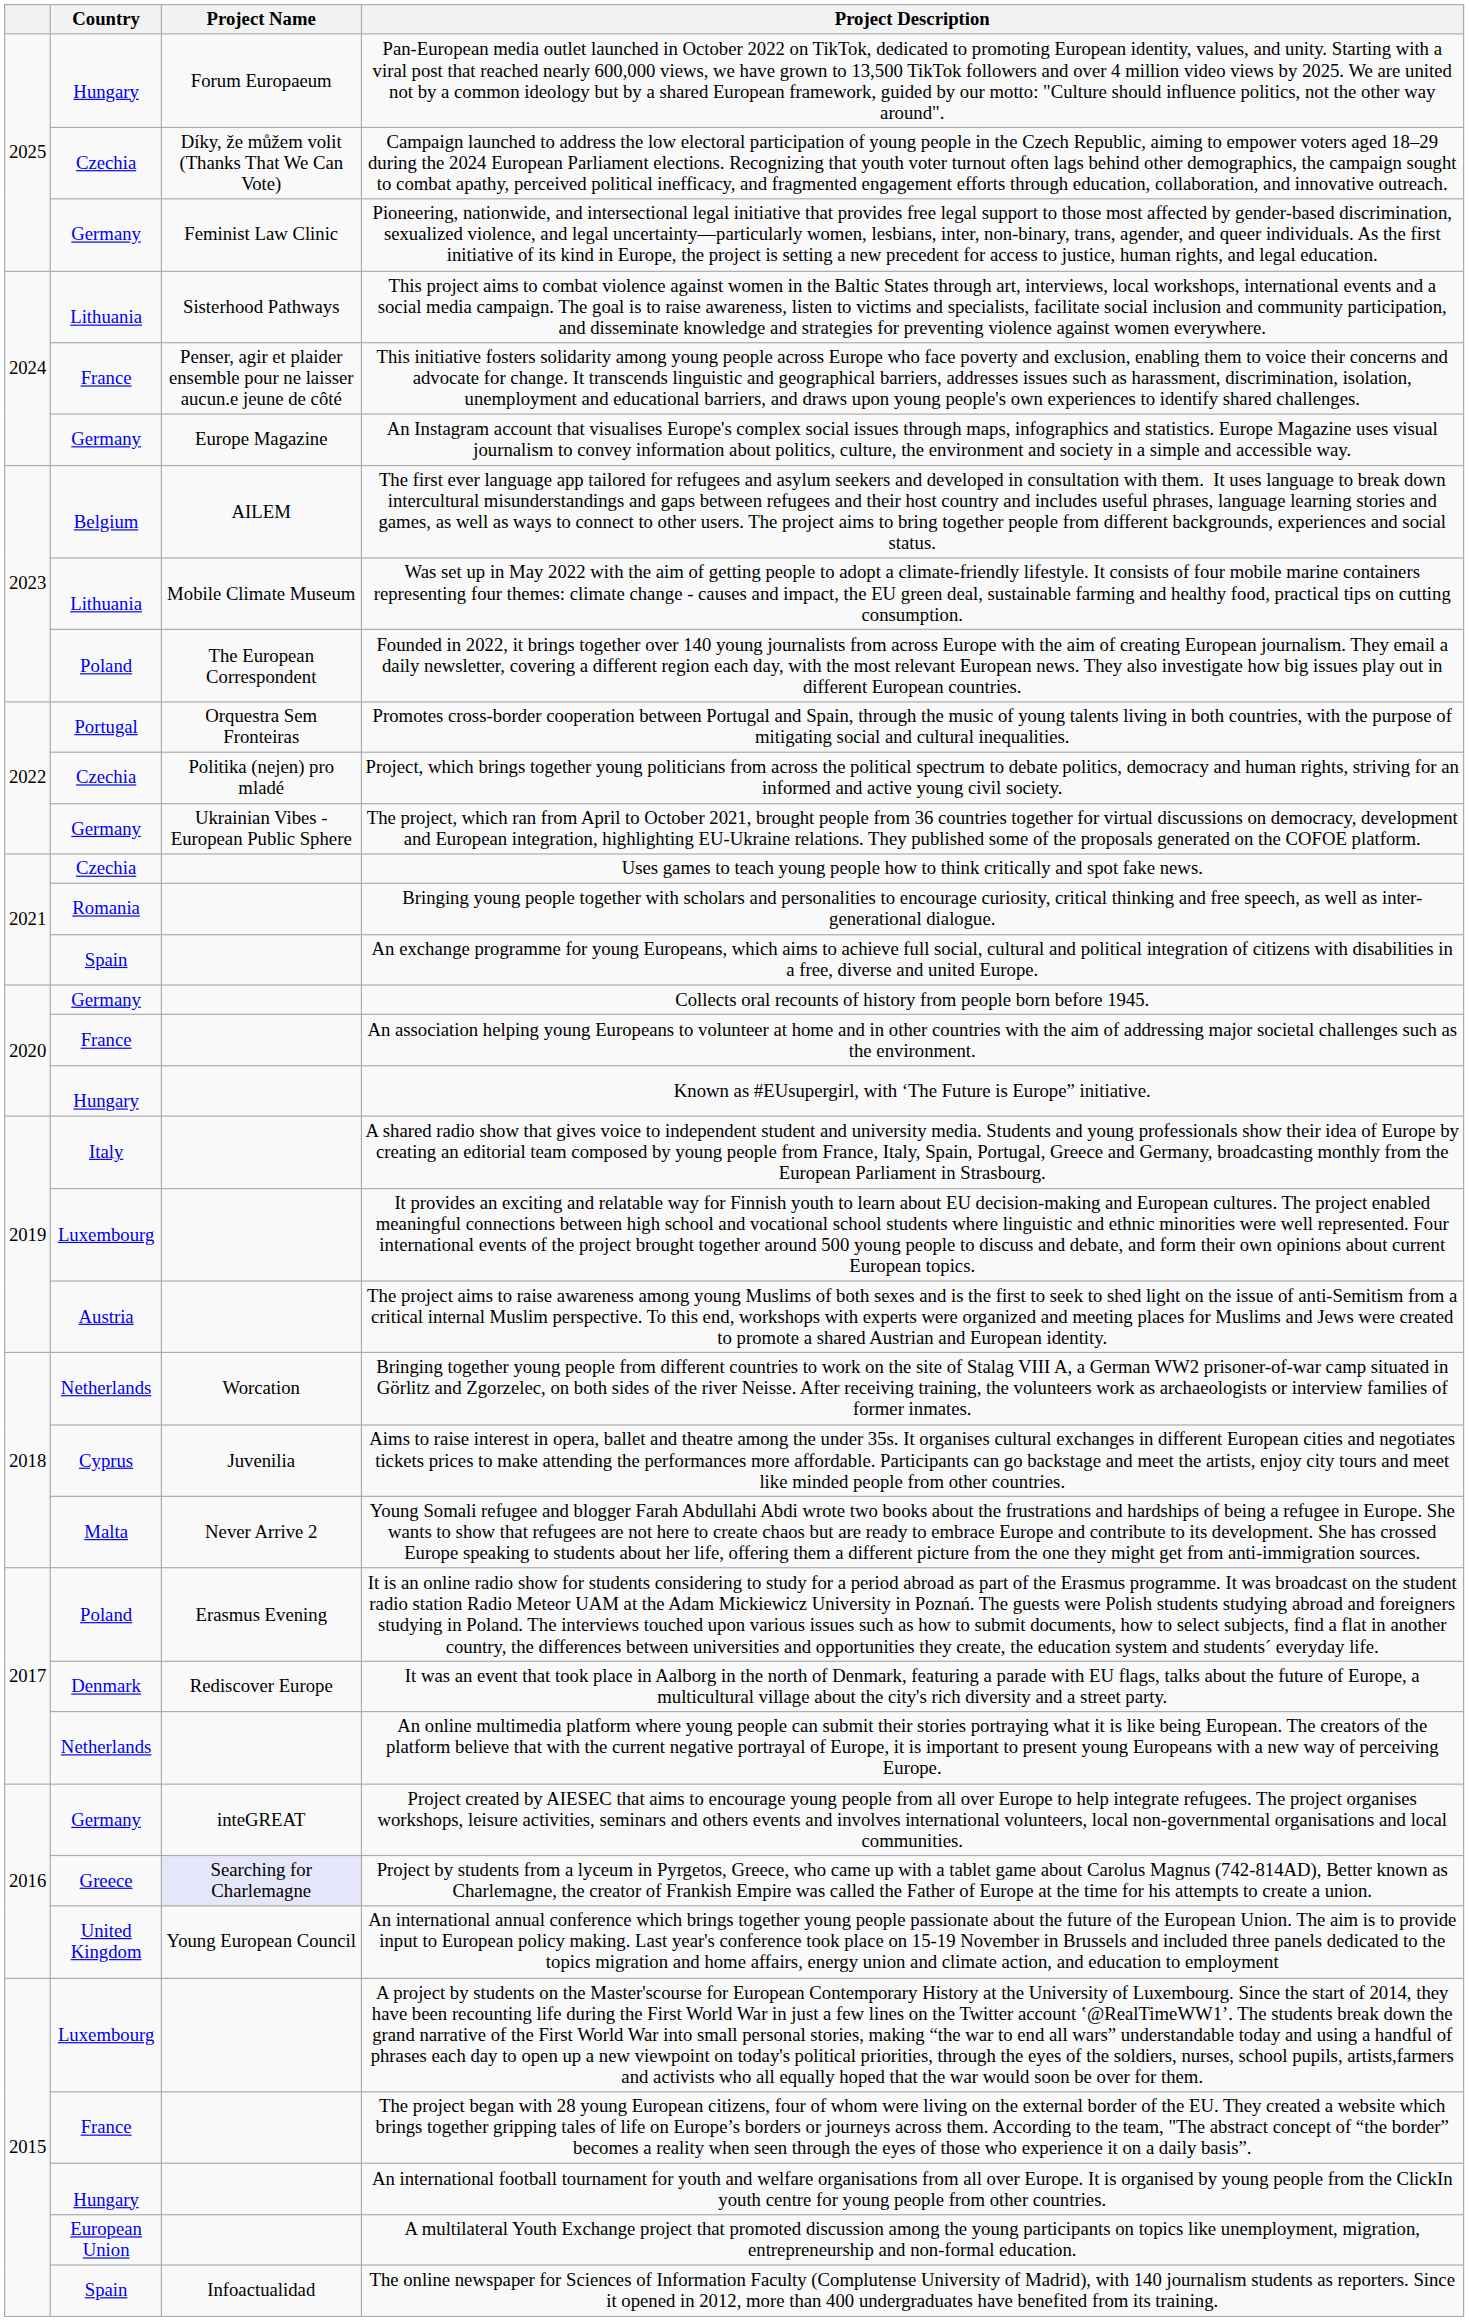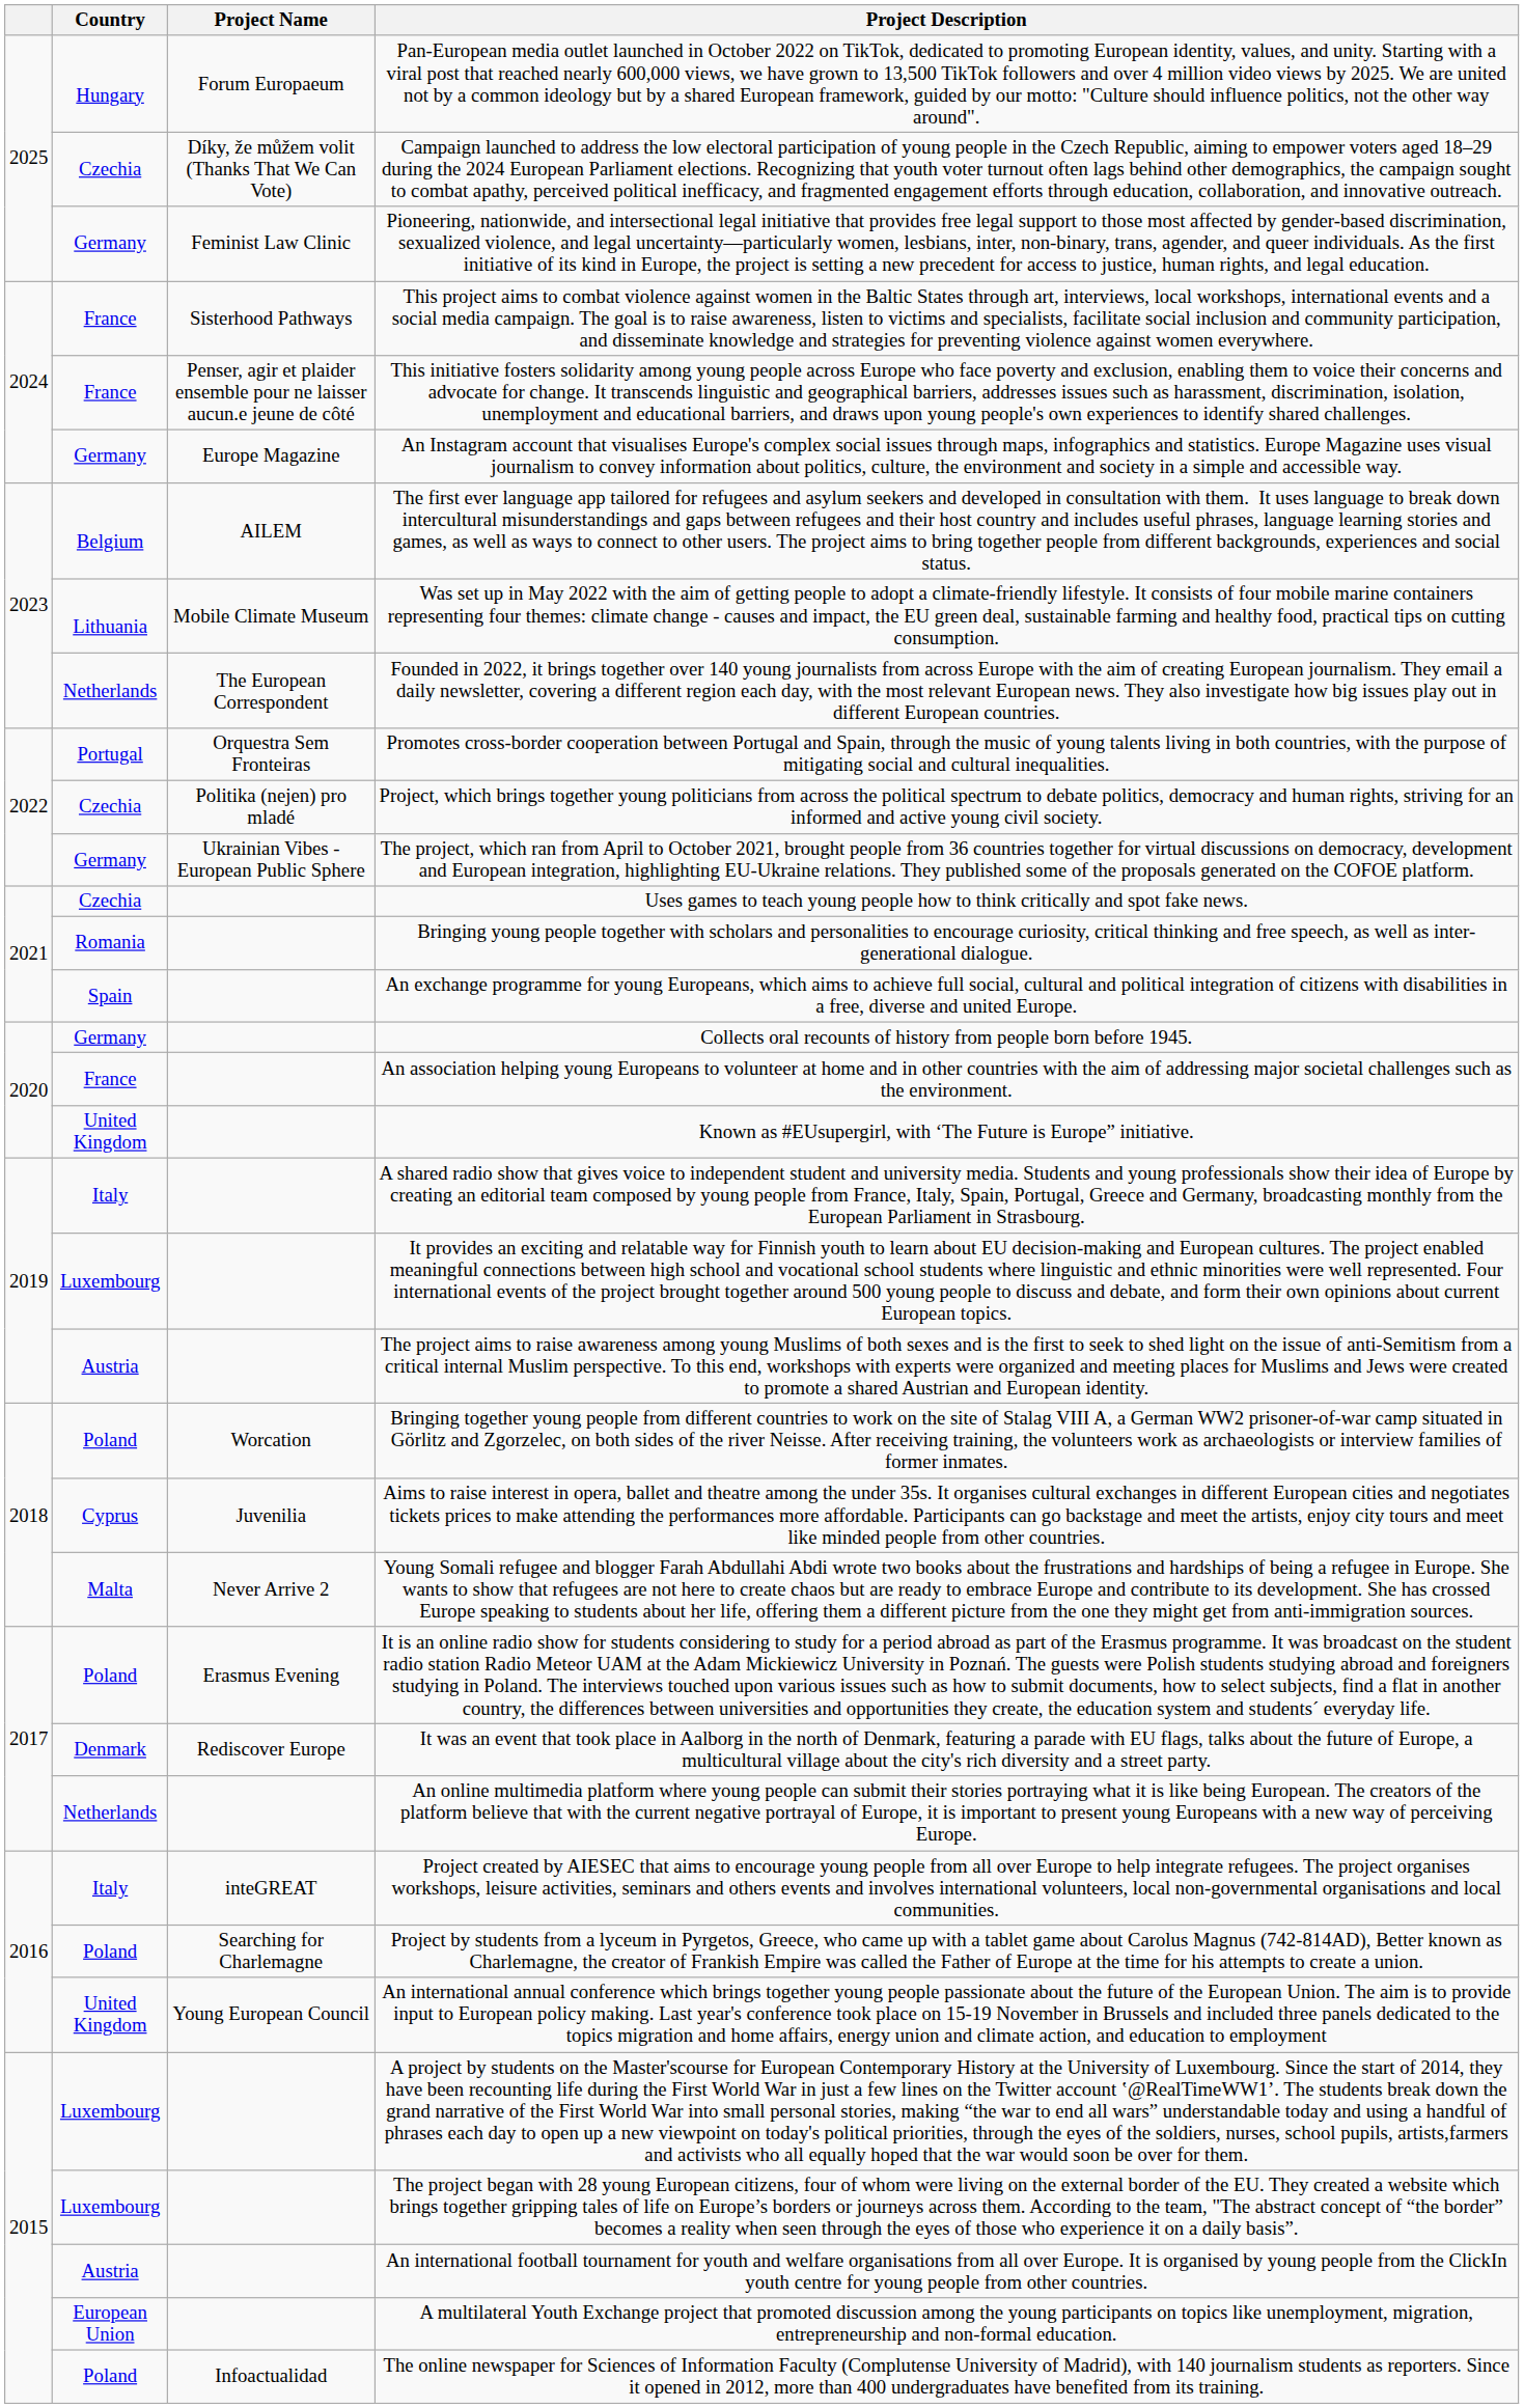 <table class=wikitable style="text-align: center;">
 <tr>
 <th></th>
 <th>Country</th>
 <th>Project Name</th>
 <th>Project Description</th>
 </tr>
 <tr>
 <td rowspan="3">2025</td>
 <td><br><a href='#'>Hungary</a></td>
 <td> Forum Europaeum</td>
 <td>Pan-European media outlet launched in October 2022 on TikTok, dedicated to promoting European identity, values, and unity. Starting with a viral post that reached nearly 600,000 views, we have grown to 13,500 TikTok followers and over 4 million video views by 2025. We are united not by a common ideology but by a shared European framework, guided by our motto: "Culture should influence politics, not the other way around".</td>
 </tr>
 <tr>
 <td><a href='#'>Czechia</a></td>
 <td> Díky, že můžem volit (Thanks That We Can Vote)</td>
 <td>Campaign launched to address the low electoral participation of young people in the Czech Republic, aiming to empower voters aged 18–29 during the 2024 European Parliament elections. Recognizing that youth voter turnout often lags behind other demographics, the campaign sought to combat apathy, perceived political inefficacy, and fragmented engagement efforts through education, collaboration, and innovative outreach.</td>
 </tr>
 <tr>
 <td><a href='#'>Germany</a></td>
 <td> Feminist Law Clinic</td>
 <td>Pioneering, nationwide, and intersectional legal initiative that provides free legal support to those most affected by gender-based discrimination, sexualized violence, and legal uncertainty—particularly women, lesbians, inter, non-binary, trans, agender, and queer individuals. As the first initiative of its kind in Europe, the project is setting a new precedent for access to justice, human rights, and legal education.</td>
 </tr>
 <tr>
 <td rowspan="3">2024</td>
-<td><br><a href='#'>Lithuania</a></td>
+<td><a href='#'>France</a></td>
 <td> Sisterhood Pathways</td>
 <td>This project aims to combat violence against women in the Baltic States through art, interviews, local workshops, international events and a social media campaign. The goal is to raise awareness, listen to victims and specialists, facilitate social inclusion and community participation, and disseminate knowledge and strategies for preventing violence against women everywhere.</td>
 </tr>
 <tr>
 <td><a href='#'>France</a></td>
 <td> Penser, agir et plaider ensemble pour ne laisser aucun.e jeune de côté</td>
 <td>This initiative fosters solidarity among young people across Europe who face poverty and exclusion, enabling them to voice their concerns and advocate for change. It transcends linguistic and geographical barriers, addresses issues such as harassment, discrimination, isolation, unemployment and educational barriers, and draws upon young people's own experiences to identify shared challenges.</td>
 </tr>
 <tr>
 <td><a href='#'>Germany</a></td>
 <td> Europe Magazine</td>
 <td>An Instagram account that visualises Europe's complex social issues through maps, infographics and statistics. Europe Magazine uses visual journalism to convey information about politics, culture, the environment and society in a simple and accessible way.</td>
 </tr>
 <tr>
 <td rowspan="3">2023</td>
 <td><br><a href='#'>Belgium</a></td>
 <td> AILEM</td>
 <td>The first ever language app tailored for refugees and asylum seekers and developed in consultation with them.  It uses language to break down intercultural misunderstandings and gaps between refugees and their host country and includes useful phrases, language learning stories and games, as well as ways to connect to other users. The project aims to bring together people from different backgrounds, experiences and social status.</td>
 </tr>
 <tr>
 <td><br><a href='#'>Lithuania</a></td>
 <td> Mobile Climate Museum</td>
 <td>Was set up in May 2022 with the aim of getting people to adopt a climate-friendly lifestyle. It consists of four mobile marine containers representing four themes: climate change - causes and impact, the EU green deal, sustainable farming and healthy food, practical tips on cutting consumption.</td>
 </tr>
 <tr>
-<td><a href='#'>Poland</a></td>
+<td><a href='#'>Netherlands</a></td>
 <td> The European Correspondent</td>
 <td>Founded in 2022, it brings together over 140 young journalists from across Europe with the aim of creating European journalism. They email a daily newsletter, covering a different region each day, with the most relevant European news. They also investigate how big issues play out in different European countries.</td>
 </tr>
 <tr>
 <td rowspan="3">2022</td>
 <td> <a href='#'>Portugal</a></td>
 <td> Orquestra Sem Fronteiras</td>
 <td>Promotes cross-border cooperation between Portugal and Spain, through the music of young talents living in both countries, with the purpose of mitigating social and cultural inequalities.</td>
 </tr>
 <tr>
 <td><a href='#'>Czechia</a></td>
 <td> Politika (nejen) pro mladé</td>
 <td>Project, which brings together young politicians from across the political spectrum to debate politics, democracy and human rights, striving for an informed and active young civil society.</td>
 </tr>
 <tr>
 <td><a href='#'>Germany</a></td>
 <td> Ukrainian Vibes - European Public Sphere</td>
 <td>The project, which ran from April to October 2021, brought people from 36 countries together for virtual discussions on democracy, development and European integration, highlighting EU-Ukraine relations. They published some of the proposals generated on the COFOE platform.</td>
 </tr>
 <tr>
 <td rowspan="3">2021</td>
 <td><a href='#'>Czechia</a></td>
 <td> </td>
 <td>Uses games to teach young people how to think critically and spot fake news.</td>
 </tr>
 <tr>
 <td><a href='#'>Romania</a></td>
 <td> </td>
 <td>Bringing young people together with scholars and personalities to encourage curiosity, critical thinking and free speech, as well as inter-generational dialogue.</td>
 </tr>
 <tr>
 <td><a href='#'>Spain</a></td>
 <td> </td>
 <td>An exchange programme for young Europeans, which aims to achieve full social, cultural and political integration of citizens with disabilities in a free, diverse and united Europe.</td>
 </tr>
 <tr>
 <td rowspan=3>2020</td>
 <td><a href='#'>Germany</a></td>
 <td> </td>
 <td>Collects oral recounts of history from people born before 1945.</td>
 </tr>
 <tr>
 <td><a href='#'>France</a></td>
 <td> </td>
 <td>An association helping young Europeans to volunteer at home and in other countries with the aim of addressing major societal challenges such as the environment.</td>
 </tr>
 <tr>
-<td><br><a href='#'>Hungary</a></td>
+<td><a href='#'>United Kingdom</a></td>
 <td> </td>
 <td>Known as #EUsupergirl, with ‘The Future is Europe” initiative.</td>
 </tr>
 <tr>
 <td rowspan=3>2019</td>
 <td><a href='#'>Italy</a></td>
 <td> </td>
 <td>A shared radio show that gives voice to independent student and university media. Students and young professionals show their idea of Europe by creating an editorial team composed by young people from France, Italy, Spain, Portugal, Greece and Germany, broadcasting monthly from the European Parliament in Strasbourg.</td>
 </tr>
 <tr>
 <td><a href='#'>Luxembourg</a></td>
 <td> </td>
 <td>It provides an exciting and relatable way for Finnish youth to learn about EU decision-making and European cultures. The project enabled meaningful connections between high school and vocational school students where linguistic and ethnic minorities were well represented. Four international events of the project brought together around 500 young people to discuss and debate, and form their own opinions about current European topics.</td>
 </tr>
 <tr>
 <td><a href='#'>Austria</a></td>
 <td> </td>
 <td>The project aims to raise awareness among young Muslims of both sexes and is the first to seek to shed light on the issue of anti-Semitism from a critical internal Muslim perspective. To this end, workshops with experts were organized and meeting places for Muslims and Jews were created to promote a shared Austrian and European identity.</td>
 </tr>
 <tr>
 <td rowspan=3>2018</td>
-<td><a href='#'>Netherlands</a></td>
+<td><a href='#'>Poland</a></td>
 <td> Worcation</td>
 <td>Bringing together young people from different countries to work on the site of Stalag VIII A, a German WW2 prisoner-of-war camp situated in Görlitz and Zgorzelec, on both sides of the river Neisse. After receiving training, the volunteers work as archaeologists or interview families of former inmates.</td>
 </tr>
 <tr>
 <td><a href='#'>Cyprus</a></td>
 <td> Juvenilia</td>
 <td>Aims to raise interest in opera, ballet and theatre among the under 35s. It organises cultural exchanges in different European cities and negotiates tickets prices to make attending the performances more affordable. Participants can go backstage and meet the artists, enjoy city tours and meet like minded people from other countries.</td>
 </tr>
 <tr>
 <td><a href='#'>Malta</a></td>
 <td> Never Arrive 2</td>
 <td>Young Somali refugee and blogger Farah Abdullahi Abdi wrote two books about the frustrations and hardships of being a refugee in Europe. She wants to show that refugees are not here to create chaos but are ready to embrace Europe and contribute to its development. She has crossed Europe speaking to students about her life, offering them a different picture from the one they might get from anti-immigration sources.</td>
 </tr>
 <tr>
 <td rowspan=3>2017</td>
 <td><a href='#'>Poland</a></td>
 <td> Erasmus Evening</td>
 <td>It is an online radio show for students considering to study for a period abroad as part of the Erasmus programme. It was broadcast on the student radio station Radio Meteor UAM at the Adam Mickiewicz University in Poznań. The guests were Polish students studying abroad and foreigners studying in Poland. The interviews touched upon various issues such as how to submit documents, how to select subjects, find a flat in another country, the differences between universities and opportunities they create, the education system and students´ everyday life.</td>
 </tr>
 <tr>
 <td><a href='#'>Denmark</a></td>
 <td> Rediscover Europe</td>
 <td>It was an event that took place in Aalborg in the north of Denmark, featuring a parade with EU flags, talks about the future of Europe, a multicultural village about the city's rich diversity and a street party.</td>
 </tr>
 <tr>
 <td><a href='#'>Netherlands</a></td>
 <td> </td>
 <td>An online multimedia platform where young people can submit their stories portraying what it is like being European. The creators of the platform believe that with the current negative portrayal of Europe, it is important to present young Europeans with a new way of perceiving Europe.</td>
 </tr>
 <tr>
 <td rowspan=3>2016</td>
-<td><a href='#'>Germany</a></td>
+<td><a href='#'>Italy</a></td>
 <td> inteGREAT</td>
 <td>Project created by AIESEC that aims to encourage young people from all over Europe to help integrate refugees. The project organises workshops, leisure activities, seminars and others events and involves international volunteers, local non-governmental organisations and local communities.</td>
 </tr>
 <tr>
-<td><a href='#'>Greece</a></td>
-<td style="background: lavender;"> Searching for Charlemagne</td>
+<td><a href='#'>Poland</a></td>
+<td> Searching for Charlemagne</td>
 <td>Project by students from a lyceum in Pyrgetos, Greece, who came up with a tablet game about Carolus Magnus (742-814AD), Better known as Charlemagne, the creator of Frankish Empire was called the Father of Europe at the time for his attempts to create a union.</td>
 </tr>
 <tr>
 <td><a href='#'>United Kingdom</a></td>
 <td> Young European Council</td>
 <td>An international annual conference which brings together young people passionate about the future of the European Union. The aim is to provide input to European policy making. Last year's conference took place on 15-19 November in Brussels and included three panels dedicated to the topics migration and home affairs, energy union and climate action, and education to employment</td>
 </tr>
 <tr>
 <td rowspan=5>2015</td>
 <td><a href='#'>Luxembourg</a></td>
 <td> </td>
 <td>A project by students on the Master'scourse for European Contemporary History at the University of Luxembourg. Since the start of 2014, they have been recounting life during the First World War in just a few lines on the Twitter account ʽ@RealTimeWW1ʼ. The students break down the grand narrative of the First World War into small personal stories, making “the war to end all wars” understandable today and using a handful of phrases each day to open up a new viewpoint on today's political priorities, through the eyes of the soldiers, nurses, school pupils, artists,farmers and activists who all equally hoped that the war would soon be over for them.</td>
 </tr>
 <tr>
-<td><a href='#'>France</a></td>
+<td><a href='#'>Luxembourg</a></td>
 <td> </td>
 <td>The project began with 28 young European citizens, four of whom were living on the external border of the EU. They created a website which brings together gripping tales of life on Europe’s borders or journeys across them. According to the team, "The abstract concept of “the border” becomes a reality when seen through the eyes of those who experience it on a daily basis”.</td>
 </tr>
 <tr>
-<td><br><a href='#'>Hungary</a></td>
+<td><a href='#'>Austria</a></td>
 <td> </td>
 <td>An international football tournament for youth and welfare organisations from all over Europe. It is organised by young people from the ClickIn youth centre for young people from other countries.</td>
 </tr>
 <tr>
 <td><a href='#'>European Union</a></td>
 <td> </td>
 <td>A multilateral Youth Exchange project that promoted discussion among the young participants on topics like unemployment, migration, entrepreneurship and non-formal education.</td>
 </tr>
 <tr>
-<td><a href='#'>Spain</a></td>
+<td><a href='#'>Poland</a></td>
 <td> Infoactualidad</td>
 <td>The online newspaper for Sciences of Information Faculty (Complutense University of Madrid), with 140 journalism students as reporters. Since it opened in 2012, more than 400 undergraduates have benefited from its training.</td>
 </tr>
 </table>
